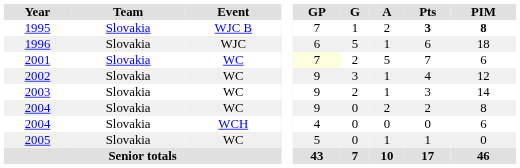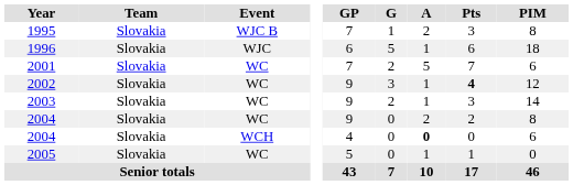 <table border="0" cellpadding="1" cellspacing="0" style="text-align:center; width:40em">
 <tr align="center" bgcolor="#e0e0e0">
 <th>Year</th>
 <th>Team</th>
 <th>Event</th>
 <th rowspan="99" bgcolor="#ffffff"> </th>
 <th>GP</th>
 <th>G</th>
 <th>A</th>
 <th>Pts</th>
 <th>PIM</th>
 </tr>
 <tr>
 <td><a href='#'>1995</a></td>
 <td><a href='#'>Slovakia</a></td>
 <td><a href='#'>WJC B</a></td>
 <td>7</td>
 <td>1</td>
 <td>2</td>
-<td><strong>3</strong></td>
-<td><strong>8</strong></td>
+<td>3</td>
+<td>8</td>
 </tr>
 <tr bgcolor="#f0f0f0">
 <td><a href='#'>1996</a></td>
 <td>Slovakia</td>
 <td>WJC</td>
 <td>6</td>
 <td>5</td>
 <td>1</td>
 <td>6</td>
 <td>18</td>
 </tr>
 <tr>
 <td><a href='#'>2001</a></td>
 <td><a href='#'>Slovakia</a></td>
 <td><a href='#'>WC</a></td>
-<td style="background: lightyellow;">7</td>
+<td>7</td>
 <td>2</td>
 <td>5</td>
 <td>7</td>
 <td>6</td>
 </tr>
 <tr bgcolor="#f0f0f0">
 <td><a href='#'>2002</a></td>
 <td>Slovakia</td>
 <td>WC</td>
 <td>9</td>
 <td>3</td>
 <td>1</td>
-<td>4</td>
+<td><strong>4</strong></td>
 <td>12</td>
 </tr>
 <tr>
 <td><a href='#'>2003</a></td>
 <td>Slovakia</td>
 <td>WC</td>
 <td>9</td>
 <td>2</td>
 <td>1</td>
 <td>3</td>
 <td>14</td>
 </tr>
 <tr bgcolor="#f0f0f0">
 <td><a href='#'>2004</a></td>
 <td>Slovakia</td>
 <td>WC</td>
 <td>9</td>
 <td>0</td>
 <td>2</td>
 <td>2</td>
 <td>8</td>
 </tr>
 <tr>
 <td><a href='#'>2004</a></td>
 <td>Slovakia</td>
 <td><a href='#'>WCH</a></td>
 <td>4</td>
 <td>0</td>
-<td>0</td>
+<td><strong>0</strong></td>
 <td>0</td>
 <td>6</td>
 </tr>
 <tr bgcolor="#f0f0f0">
 <td><a href='#'>2005</a></td>
 <td>Slovakia</td>
 <td>WC</td>
 <td>5</td>
 <td>0</td>
 <td>1</td>
 <td>1</td>
 <td>0</td>
 </tr>
 <tr bgcolor="#e0e0e0">
 <th colspan=3>Senior totals</th>
 <th>43</th>
 <th>7</th>
 <th>10</th>
 <th>17</th>
 <th>46</th>
 </tr>
 </table>
